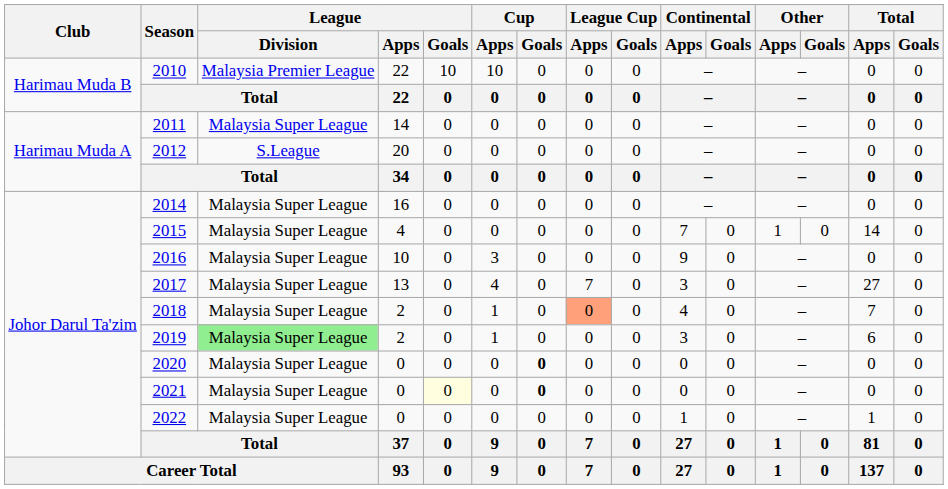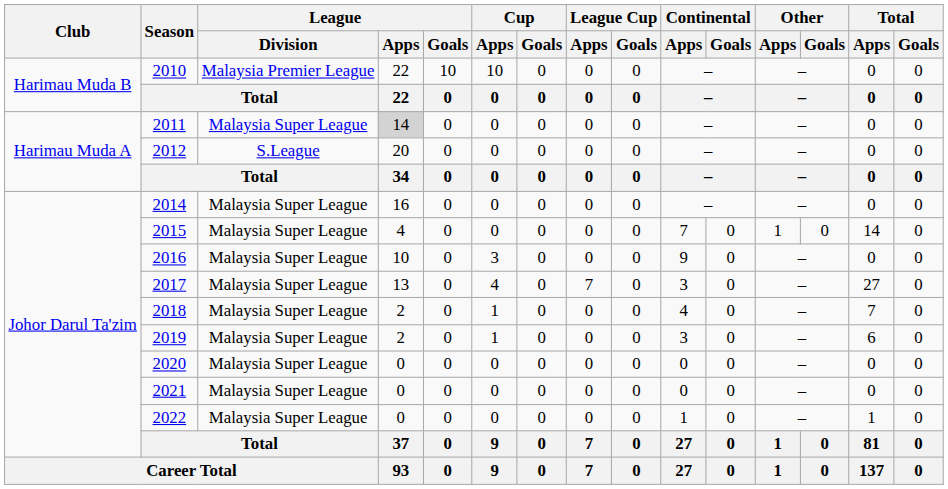 <table class=wikitable style="text-align:center">
 <tr>
 <th rowspan=2>Club</th>
 <th rowspan=2>Season</th>
 <th colspan=3>League</th>
 <th colspan=2>Cup</th>
 <th colspan=2>League Cup</th>
 <th colspan=2>Continental</th>
 <th colspan=2>Other</th>
 <th colspan=2>Total</th>
 </tr>
 <tr>
 <th>Division</th>
 <th>Apps</th>
 <th>Goals</th>
 <th>Apps</th>
 <th>Goals</th>
 <th>Apps</th>
 <th>Goals</th>
 <th>Apps</th>
 <th>Goals</th>
 <th>Apps</th>
 <th>Goals</th>
 <th>Apps</th>
 <th>Goals</th>
 </tr>
 <tr>
 <td rowspan=2><a href='#'>Harimau Muda B</a></td>
 <td><a href='#'>2010</a></td>
 <td><a href='#'>Malaysia Premier League</a></td>
 <td>22</td>
 <td>10</td>
 <td>10</td>
 <td>0</td>
 <td>0</td>
 <td>0</td>
 <td colspan=2>–</td>
 <td colspan=2>–</td>
 <td>0</td>
 <td>0</td>
 </tr>
 <tr>
 <th colspan="2">Total</th>
 <th>22</th>
 <th>0</th>
 <th>0</th>
 <th>0</th>
 <th>0</th>
 <th>0</th>
 <th colspan=2>–</th>
 <th colspan=2>–</th>
 <th>0</th>
 <th>0</th>
 </tr>
 <tr>
 <td rowspan=3><a href='#'>Harimau Muda A</a></td>
 <td><a href='#'>2011</a></td>
 <td><a href='#'>Malaysia Super League</a></td>
-<td>14</td>
+<td style="background: lightgrey;">14</td>
 <td>0</td>
 <td>0</td>
 <td>0</td>
 <td>0</td>
 <td>0</td>
 <td colspan=2>–</td>
 <td colspan=2>–</td>
 <td>0</td>
 <td>0</td>
 </tr>
 <tr>
 <td><a href='#'>2012</a></td>
 <td><a href='#'>S.League</a></td>
 <td>20</td>
 <td>0</td>
 <td>0</td>
 <td>0</td>
 <td>0</td>
 <td>0</td>
 <td colspan=2>–</td>
 <td colspan=2>–</td>
 <td>0</td>
 <td>0</td>
 </tr>
 <tr>
 <th colspan="2">Total</th>
 <th>34</th>
 <th>0</th>
 <th>0</th>
 <th>0</th>
 <th>0</th>
 <th>0</th>
 <th colspan=2>–</th>
 <th colspan=2>–</th>
 <th>0</th>
 <th>0</th>
 </tr>
 <tr>
 <td rowspan=10><a href='#'>Johor Darul Ta'zim</a></td>
 <td><a href='#'>2014</a></td>
 <td>Malaysia Super League</td>
 <td>16</td>
 <td>0</td>
 <td>0</td>
 <td>0</td>
 <td>0</td>
 <td>0</td>
 <td colspan=2>–</td>
 <td colspan=2>–</td>
 <td>0</td>
 <td>0</td>
 </tr>
 <tr>
 <td><a href='#'>2015</a></td>
 <td>Malaysia Super League</td>
 <td>4</td>
 <td>0</td>
 <td>0</td>
 <td>0</td>
 <td>0</td>
 <td>0</td>
 <td>7</td>
 <td>0</td>
 <td>1</td>
 <td>0</td>
 <td>14</td>
 <td>0</td>
 </tr>
 <tr>
 <td><a href='#'>2016</a></td>
 <td>Malaysia Super League</td>
 <td>10</td>
 <td>0</td>
 <td>3</td>
 <td>0</td>
 <td>0</td>
 <td>0</td>
 <td>9</td>
 <td>0</td>
 <td colspan=2>–</td>
 <td>0</td>
 <td>0</td>
 </tr>
 <tr>
 <td><a href='#'>2017</a></td>
 <td>Malaysia Super League</td>
 <td>13</td>
 <td>0</td>
 <td>4</td>
 <td>0</td>
 <td>7</td>
 <td>0</td>
 <td>3</td>
 <td>0</td>
 <td colspan=2>–</td>
 <td>27</td>
 <td>0</td>
 </tr>
 <tr>
 <td><a href='#'>2018</a></td>
 <td>Malaysia Super League</td>
 <td>2</td>
 <td>0</td>
 <td>1</td>
 <td>0</td>
-<td style="background: lightsalmon;">0</td>
+<td>0</td>
 <td>0</td>
 <td>4</td>
 <td>0</td>
 <td colspan=2>–</td>
 <td>7</td>
 <td>0</td>
 </tr>
 <tr>
 <td><a href='#'>2019</a></td>
-<td style="background: lightgreen;">Malaysia Super League</td>
+<td>Malaysia Super League</td>
 <td>2</td>
 <td>0</td>
 <td>1</td>
 <td>0</td>
 <td>0</td>
 <td>0</td>
 <td>3</td>
 <td>0</td>
 <td colspan=2>–</td>
 <td>6</td>
 <td>0</td>
 </tr>
 <tr>
 <td><a href='#'>2020</a></td>
 <td>Malaysia Super League</td>
 <td>0</td>
 <td>0</td>
 <td>0</td>
-<td><strong>0</strong></td>
+<td>0</td>
 <td>0</td>
 <td>0</td>
 <td>0</td>
 <td>0</td>
 <td colspan=2>–</td>
 <td>0</td>
 <td>0</td>
 </tr>
 <tr>
 <td><a href='#'>2021</a></td>
 <td>Malaysia Super League</td>
 <td>0</td>
-<td style="background: lightyellow;">0</td>
 <td>0</td>
-<td><strong>0</strong></td>
+<td>0</td>
+<td>0</td>
 <td>0</td>
 <td>0</td>
 <td>0</td>
 <td>0</td>
 <td colspan=2>–</td>
 <td>0</td>
 <td>0</td>
 </tr>
 <tr>
 <td><a href='#'>2022</a></td>
 <td>Malaysia Super League</td>
 <td>0</td>
 <td>0</td>
 <td>0</td>
 <td>0</td>
 <td>0</td>
 <td>0</td>
 <td>1</td>
 <td>0</td>
 <td colspan=2>–</td>
 <td>1</td>
 <td>0</td>
 </tr>
 <tr>
 <th colspan="2">Total</th>
 <th>37</th>
 <th>0</th>
 <th>9</th>
 <th>0</th>
 <th>7</th>
 <th>0</th>
 <th>27</th>
 <th>0</th>
 <th>1</th>
 <th>0</th>
 <th>81</th>
 <th>0</th>
 </tr>
 <tr>
 <th colspan="3">Career Total</th>
 <th>93</th>
 <th>0</th>
 <th>9</th>
 <th>0</th>
 <th>7</th>
 <th>0</th>
 <th>27</th>
 <th>0</th>
 <th>1</th>
 <th>0</th>
 <th>137</th>
 <th>0</th>
 </tr>
 </table>
